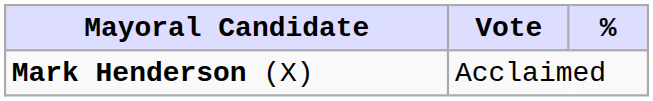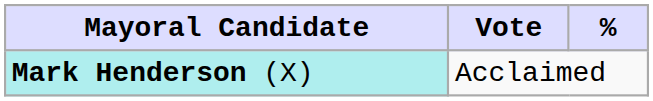 <table class="wikitable">
 <tr>
 <th style="background:#ddf; width:200px;">Mayoral Candidate</th>
 <th style="background:#ddf; width:50px;">Vote</th>
 <th style="background:#ddf; width:30px;">%</th>
 </tr>
 <tr>
-<td><strong>Mark Henderson</strong> (X)</td>
+<td style="background: paleturquoise;"><strong>Mark Henderson</strong> (X)</td>
 <td colspan="2">Acclaimed</td>
 </tr>
 </table>
